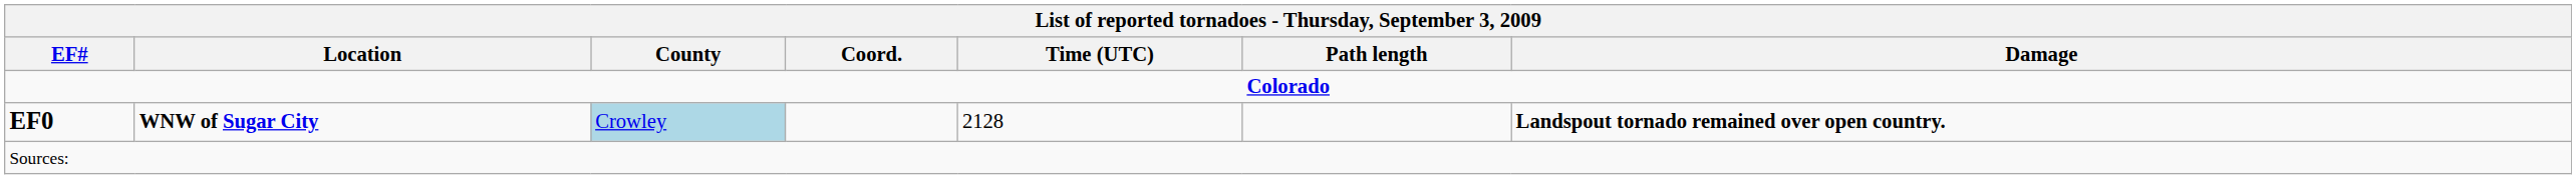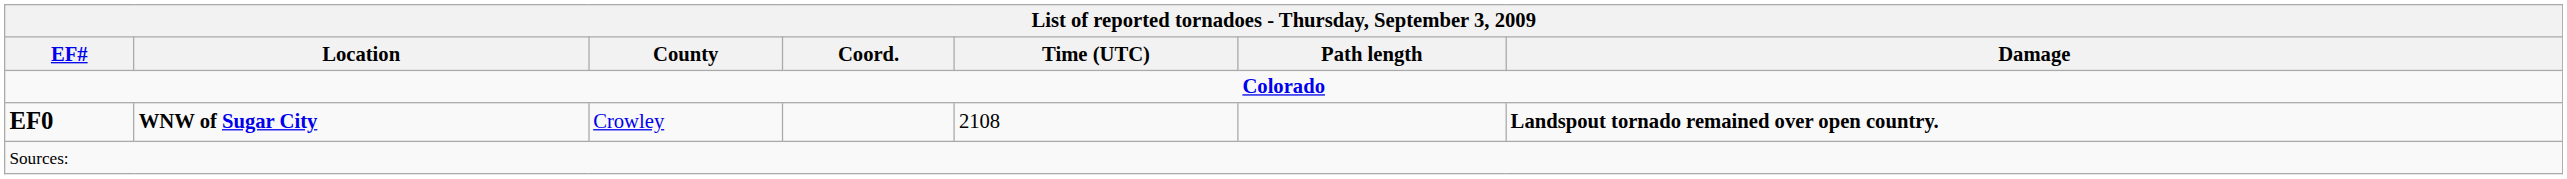 <table class="wikitable collapsible" width="100%">
 <tr>
 <th colspan="7">List of reported tornadoes - Thursday, September 3, 2009</th>
 </tr>
 <tr>
 <th><a href='#'>EF#</a></th>
 <th>Location</th>
 <th>County</th>
 <th>Coord.</th>
 <th>Time (UTC)</th>
 <th>Path length</th>
 <th>Damage</th>
 </tr>
 <tr>
 <td colspan="7" align=center><strong><a href='#'>Colorado</a></strong></td>
 </tr>
 <tr>
 <td><big><strong>EF0</strong></big></td>
 <td><strong>WNW of <a href='#'>Sugar City</a></strong></td>
-<td style="background: lightblue;"><a href='#'>Crowley</a></td>
+<td><a href='#'>Crowley</a></td>
 <td></td>
-<td>2128</td>
+<td>2108</td>
 <td></td>
 <td><strong>Landspout tornado remained over open country.</strong></td>
 </tr>
 <tr>
 <td colspan="7"><small>Sources: </small></td>
 </tr>
 </table>
